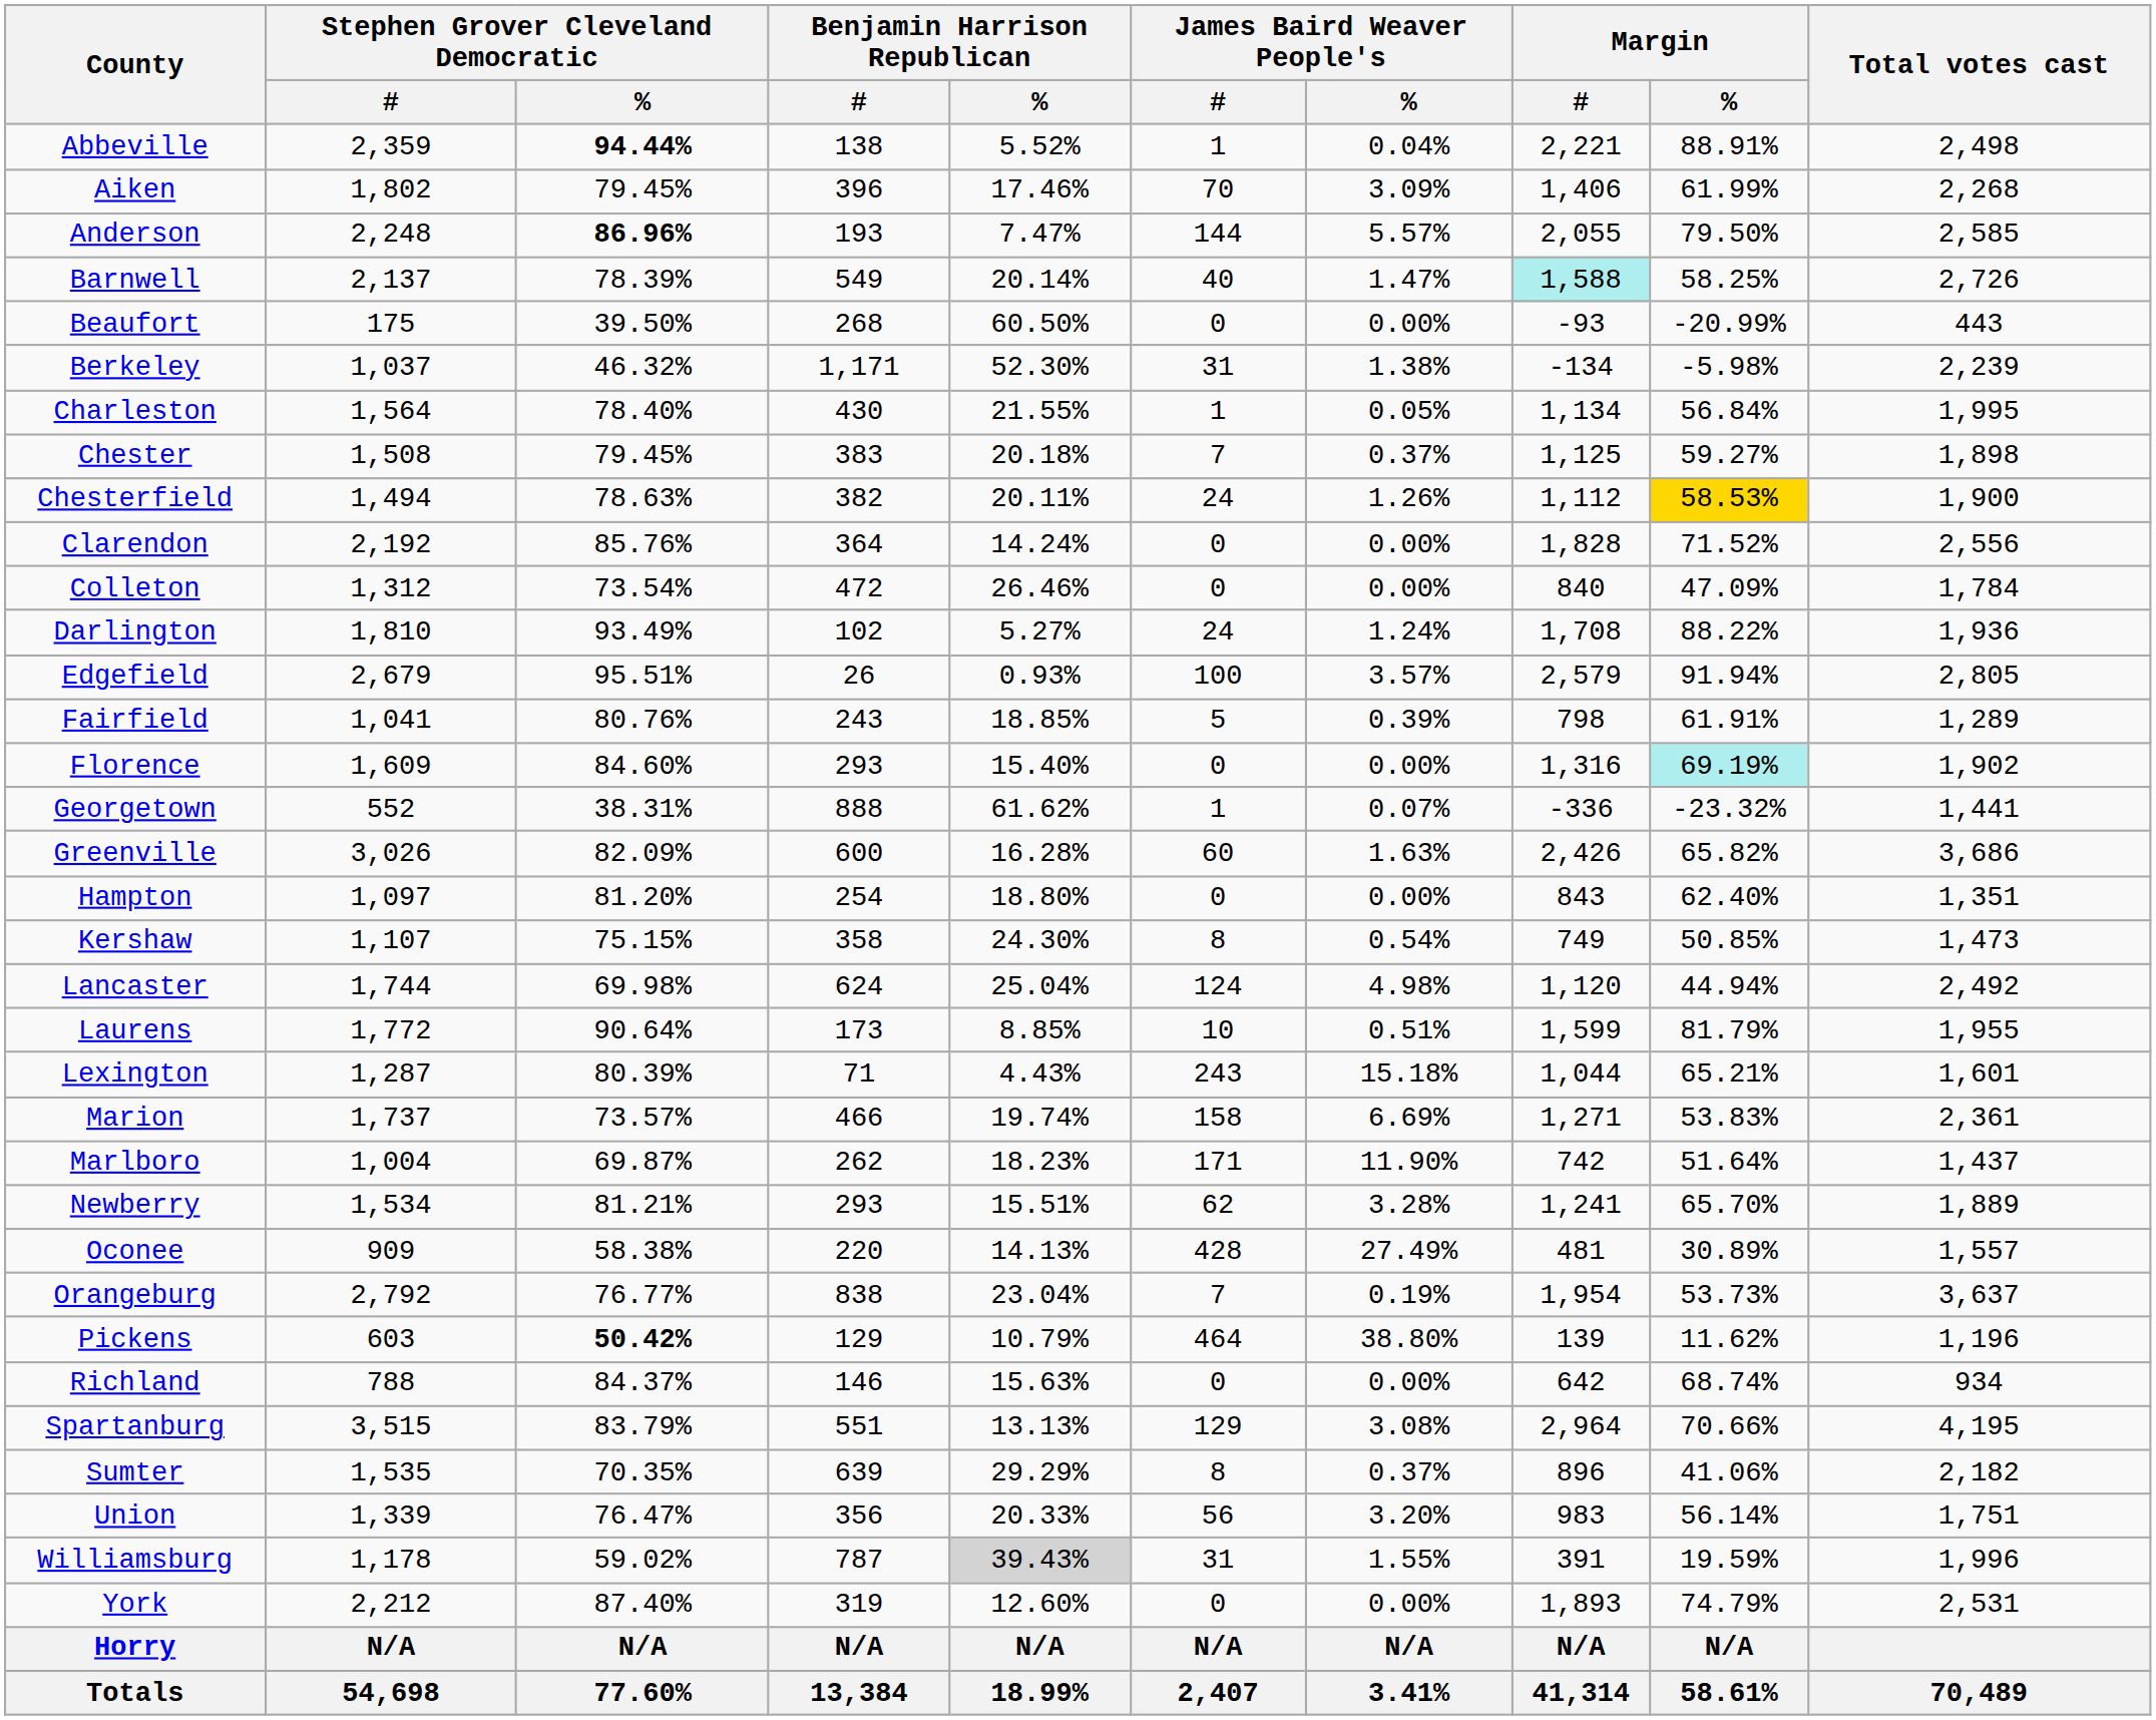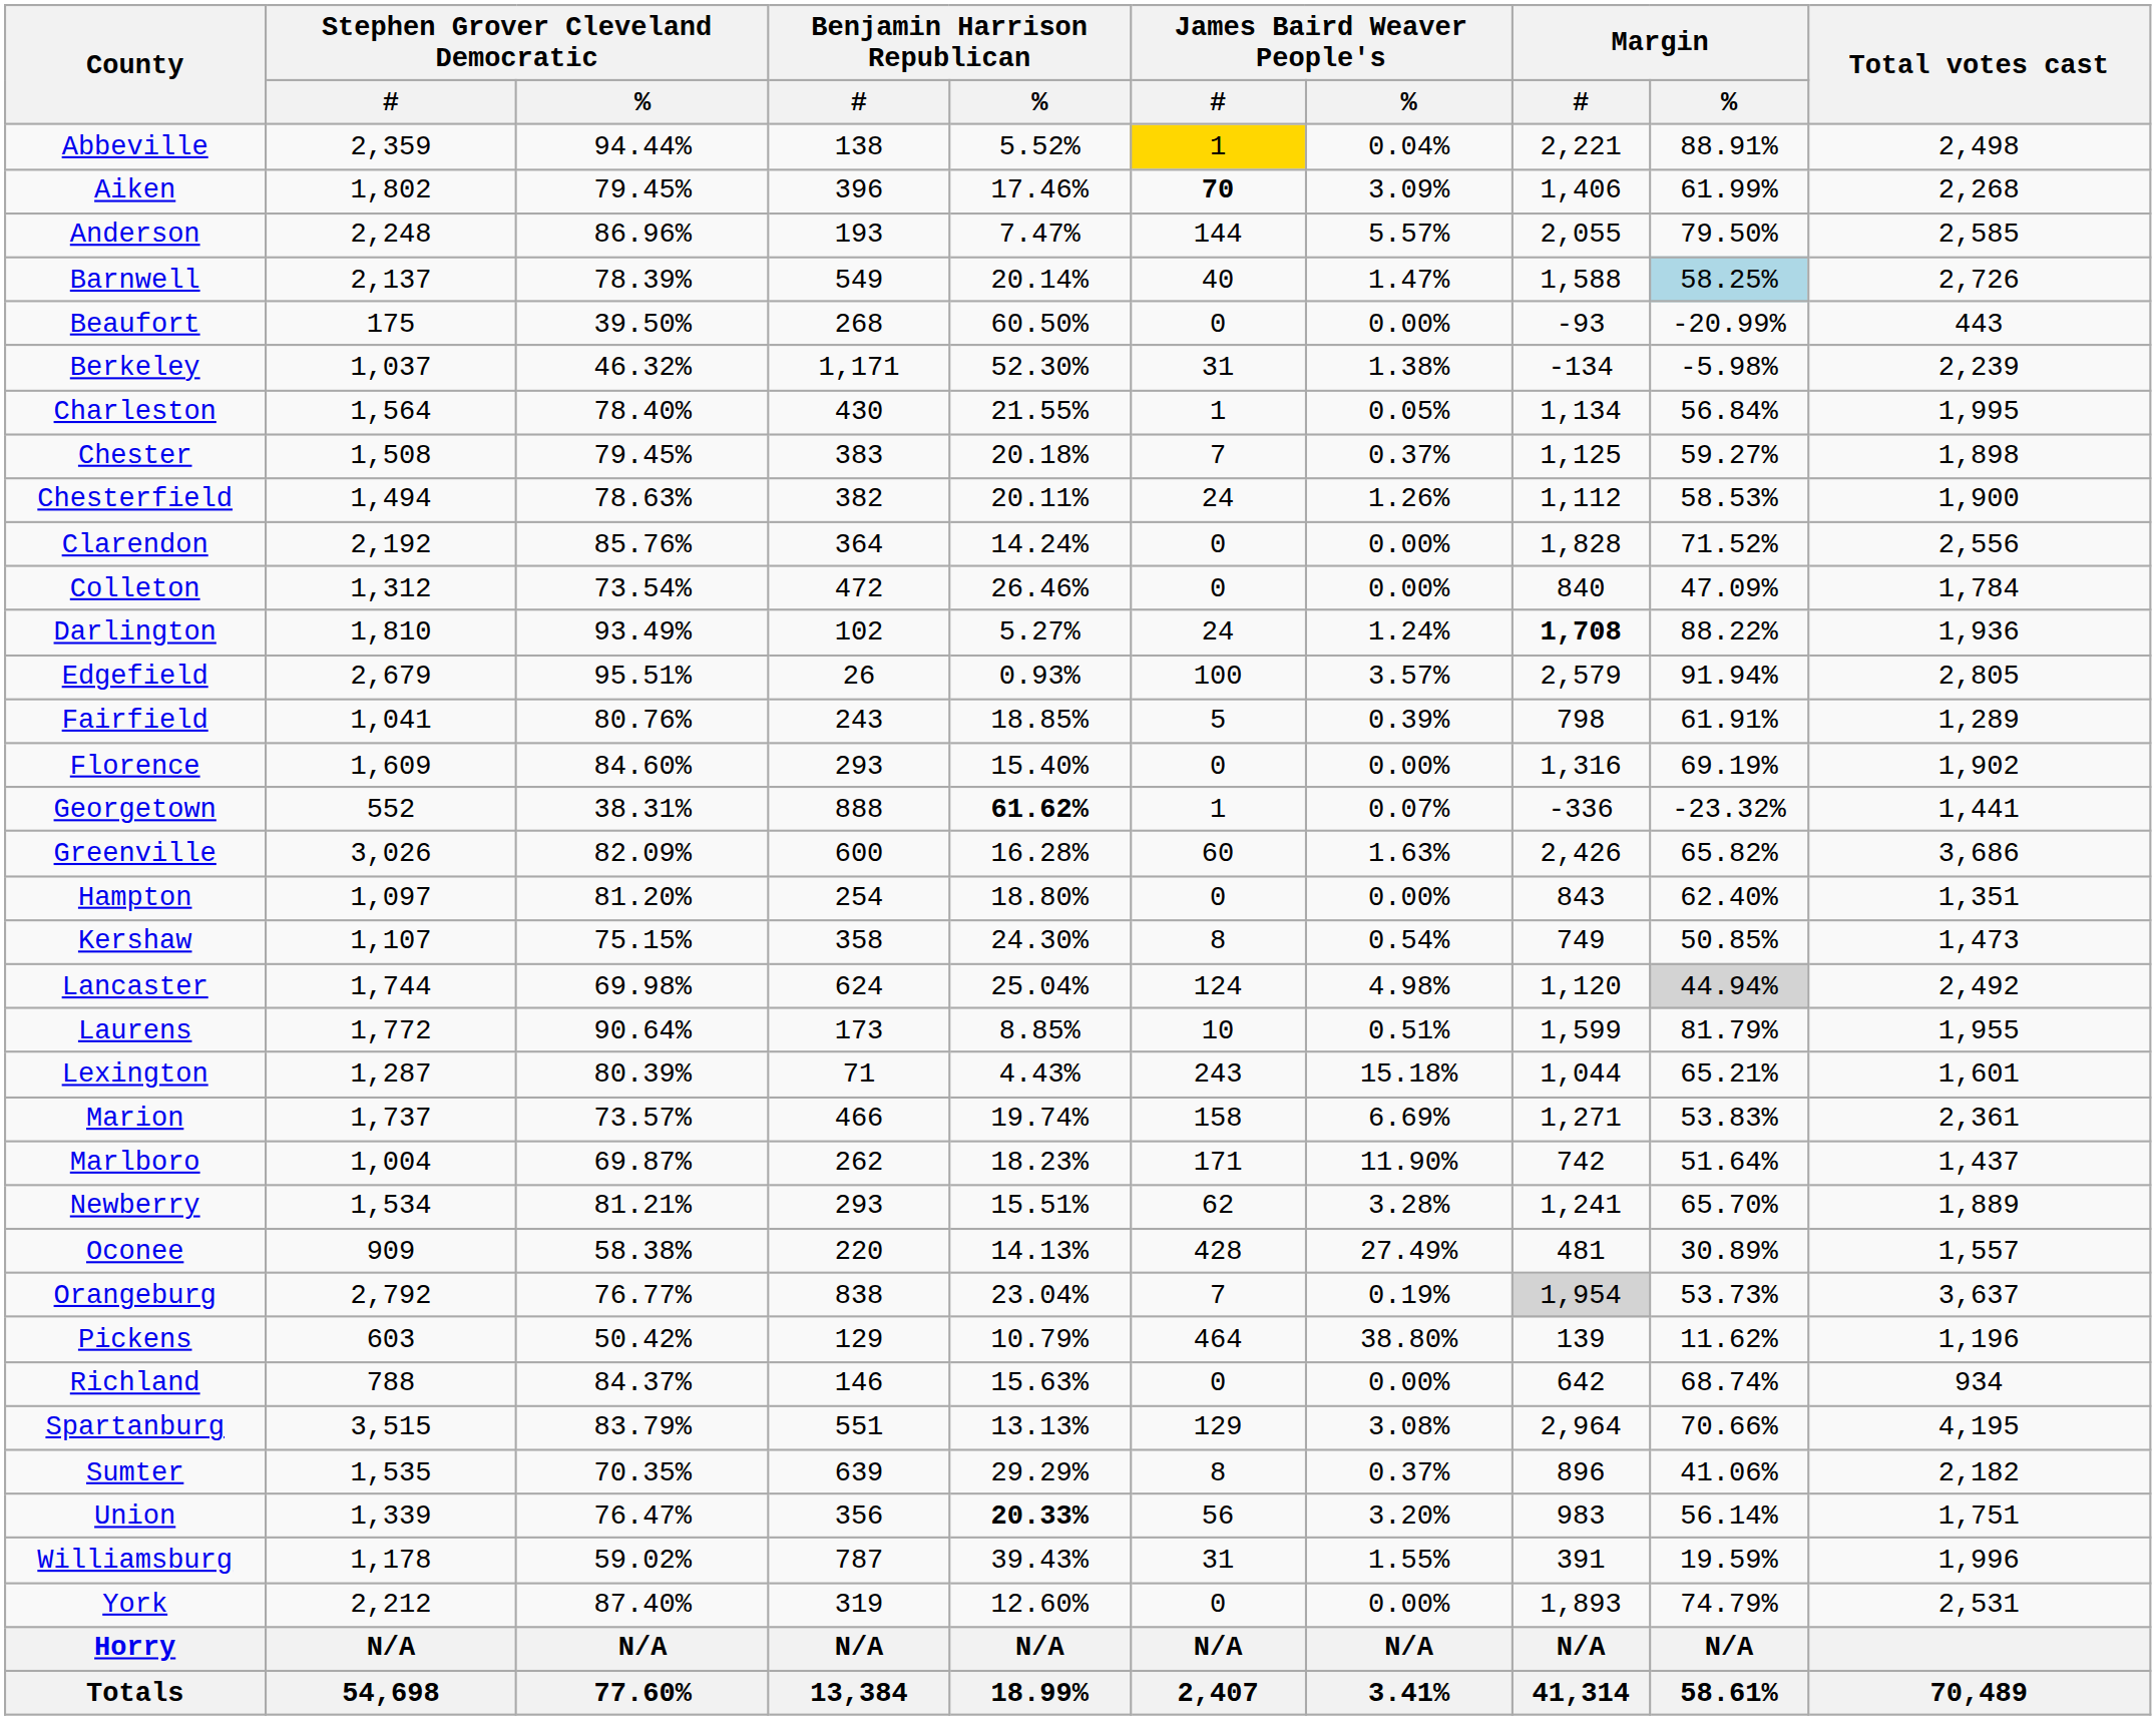 <table width="65%" class="wikitable sortable">
 <tr>
 <th rowspan="2">County</th>
 <th style="text-align:center;" colspan="2">Stephen Grover Cleveland<br>Democratic</th>
 <th style="text-align:center;" colspan="2">Benjamin Harrison<br>Republican</th>
 <th style="text-align:center;" colspan="2">James Baird Weaver<br>People's</th>
 <th style="text-align:center;" colspan="2">Margin</th>
 <th style="text-align:center;" rowspan="2">Total votes cast</th>
 </tr>
 <tr>
 <th style="text-align:center;" data-sort-type="number">#</th>
 <th style="text-align:center;" data-sort-type="number">%</th>
 <th style="text-align:center;" data-sort-type="number">#</th>
 <th style="text-align:center;" data-sort-type="number">%</th>
 <th style="text-align:center;" data-sort-type="number">#</th>
 <th style="text-align:center;" data-sort-type="number">%</th>
 <th style="text-align:center;" data-sort-type="number">#</th>
 <th style="text-align:center;" data-sort-type="number">%</th>
 </tr>
 <tr style="text-align:center;">
 <td><a href='#'>Abbeville</a></td>
 <td>2,359</td>
-<td><strong>94.44%</strong></td>
+<td>94.44%</td>
 <td>138</td>
 <td>5.52%</td>
-<td>1</td>
+<td style="background: gold;">1</td>
 <td>0.04%</td>
 <td>2,221</td>
 <td>88.91%</td>
 <td>2,498</td>
 </tr>
 <tr style="text-align:center;">
 <td><a href='#'>Aiken</a></td>
 <td>1,802</td>
 <td>79.45%</td>
 <td>396</td>
 <td>17.46%</td>
-<td>70</td>
+<td><strong>70</strong></td>
 <td>3.09%</td>
 <td>1,406</td>
 <td>61.99%</td>
 <td>2,268</td>
 </tr>
 <tr style="text-align:center;">
 <td><a href='#'>Anderson</a></td>
 <td>2,248</td>
-<td><strong>86.96%</strong></td>
+<td>86.96%</td>
 <td>193</td>
 <td>7.47%</td>
 <td>144</td>
 <td>5.57%</td>
 <td>2,055</td>
 <td>79.50%</td>
 <td>2,585</td>
 </tr>
 <tr style="text-align:center;">
 <td><a href='#'>Barnwell</a></td>
 <td>2,137</td>
 <td>78.39%</td>
 <td>549</td>
 <td>20.14%</td>
 <td>40</td>
 <td>1.47%</td>
-<td style="background: paleturquoise;">1,588</td>
-<td>58.25%</td>
+<td>1,588</td>
+<td style="background: lightblue;">58.25%</td>
 <td>2,726</td>
 </tr>
 <tr style="text-align:center;">
 <td><a href='#'>Beaufort</a></td>
 <td>175</td>
 <td>39.50%</td>
 <td>268</td>
 <td>60.50%</td>
 <td>0</td>
 <td>0.00%</td>
 <td>-93</td>
 <td>-20.99%</td>
 <td>443</td>
 </tr>
 <tr style="text-align:center;">
 <td><a href='#'>Berkeley</a></td>
 <td>1,037</td>
 <td>46.32%</td>
 <td>1,171</td>
 <td>52.30%</td>
 <td>31</td>
 <td>1.38%</td>
 <td>-134</td>
 <td>-5.98%</td>
 <td>2,239</td>
 </tr>
 <tr style="text-align:center;">
 <td><a href='#'>Charleston</a></td>
 <td>1,564</td>
 <td>78.40%</td>
 <td>430</td>
 <td>21.55%</td>
 <td>1</td>
 <td>0.05%</td>
 <td>1,134</td>
 <td>56.84%</td>
 <td>1,995</td>
 </tr>
 <tr style="text-align:center;">
 <td><a href='#'>Chester</a></td>
 <td>1,508</td>
 <td>79.45%</td>
 <td>383</td>
 <td>20.18%</td>
 <td>7</td>
 <td>0.37%</td>
 <td>1,125</td>
 <td>59.27%</td>
 <td>1,898</td>
 </tr>
 <tr style="text-align:center;">
 <td><a href='#'>Chesterfield</a></td>
 <td>1,494</td>
 <td>78.63%</td>
 <td>382</td>
 <td>20.11%</td>
 <td>24</td>
 <td>1.26%</td>
 <td>1,112</td>
-<td style="background: gold;">58.53%</td>
+<td>58.53%</td>
 <td>1,900</td>
 </tr>
 <tr style="text-align:center;">
 <td><a href='#'>Clarendon</a></td>
 <td>2,192</td>
 <td>85.76%</td>
 <td>364</td>
 <td>14.24%</td>
 <td>0</td>
 <td>0.00%</td>
 <td>1,828</td>
 <td>71.52%</td>
 <td>2,556</td>
 </tr>
 <tr style="text-align:center;">
 <td><a href='#'>Colleton</a></td>
 <td>1,312</td>
 <td>73.54%</td>
 <td>472</td>
 <td>26.46%</td>
 <td>0</td>
 <td>0.00%</td>
 <td>840</td>
 <td>47.09%</td>
 <td>1,784</td>
 </tr>
 <tr style="text-align:center;">
 <td><a href='#'>Darlington</a></td>
 <td>1,810</td>
 <td>93.49%</td>
 <td>102</td>
 <td>5.27%</td>
 <td>24</td>
 <td>1.24%</td>
-<td>1,708</td>
+<td><strong>1,708</strong></td>
 <td>88.22%</td>
 <td>1,936</td>
 </tr>
 <tr style="text-align:center;">
 <td><a href='#'>Edgefield</a></td>
 <td>2,679</td>
 <td>95.51%</td>
 <td>26</td>
 <td>0.93%</td>
 <td>100</td>
 <td>3.57%</td>
 <td>2,579</td>
 <td>91.94%</td>
 <td>2,805</td>
 </tr>
 <tr style="text-align:center;">
 <td><a href='#'>Fairfield</a></td>
 <td>1,041</td>
 <td>80.76%</td>
 <td>243</td>
 <td>18.85%</td>
 <td>5</td>
 <td>0.39%</td>
 <td>798</td>
 <td>61.91%</td>
 <td>1,289</td>
 </tr>
 <tr style="text-align:center;">
 <td><a href='#'>Florence</a></td>
 <td>1,609</td>
 <td>84.60%</td>
 <td>293</td>
 <td>15.40%</td>
 <td>0</td>
 <td>0.00%</td>
 <td>1,316</td>
-<td style="background: paleturquoise;">69.19%</td>
+<td>69.19%</td>
 <td>1,902</td>
 </tr>
 <tr style="text-align:center;">
 <td><a href='#'>Georgetown</a></td>
 <td>552</td>
 <td>38.31%</td>
 <td>888</td>
-<td>61.62%</td>
+<td><strong>61.62%</strong></td>
 <td>1</td>
 <td>0.07%</td>
 <td>-336</td>
 <td>-23.32%</td>
 <td>1,441</td>
 </tr>
 <tr style="text-align:center;">
 <td><a href='#'>Greenville</a></td>
 <td>3,026</td>
 <td>82.09%</td>
 <td>600</td>
 <td>16.28%</td>
 <td>60</td>
 <td>1.63%</td>
 <td>2,426</td>
 <td>65.82%</td>
 <td>3,686</td>
 </tr>
 <tr style="text-align:center;">
 <td><a href='#'>Hampton</a></td>
 <td>1,097</td>
 <td>81.20%</td>
 <td>254</td>
 <td>18.80%</td>
 <td>0</td>
 <td>0.00%</td>
 <td>843</td>
 <td>62.40%</td>
 <td>1,351</td>
 </tr>
 <tr style="text-align:center;">
 <td><a href='#'>Kershaw</a></td>
 <td>1,107</td>
 <td>75.15%</td>
 <td>358</td>
 <td>24.30%</td>
 <td>8</td>
 <td>0.54%</td>
 <td>749</td>
 <td>50.85%</td>
 <td>1,473</td>
 </tr>
 <tr style="text-align:center;">
 <td><a href='#'>Lancaster</a></td>
 <td>1,744</td>
 <td>69.98%</td>
 <td>624</td>
 <td>25.04%</td>
 <td>124</td>
 <td>4.98%</td>
 <td>1,120</td>
-<td>44.94%</td>
+<td style="background: lightgrey;">44.94%</td>
 <td>2,492</td>
 </tr>
 <tr style="text-align:center;">
 <td><a href='#'>Laurens</a></td>
 <td>1,772</td>
 <td>90.64%</td>
 <td>173</td>
 <td>8.85%</td>
 <td>10</td>
 <td>0.51%</td>
 <td>1,599</td>
 <td>81.79%</td>
 <td>1,955</td>
 </tr>
 <tr style="text-align:center;">
 <td><a href='#'>Lexington</a></td>
 <td>1,287</td>
 <td>80.39%</td>
 <td>71</td>
 <td>4.43%</td>
 <td>243</td>
 <td>15.18%</td>
 <td>1,044</td>
 <td>65.21%</td>
 <td>1,601</td>
 </tr>
 <tr style="text-align:center;">
 <td><a href='#'>Marion</a></td>
 <td>1,737</td>
 <td>73.57%</td>
 <td>466</td>
 <td>19.74%</td>
 <td>158</td>
 <td>6.69%</td>
 <td>1,271</td>
 <td>53.83%</td>
 <td>2,361</td>
 </tr>
 <tr style="text-align:center;">
 <td><a href='#'>Marlboro</a></td>
 <td>1,004</td>
 <td>69.87%</td>
 <td>262</td>
 <td>18.23%</td>
 <td>171</td>
 <td>11.90%</td>
 <td>742</td>
 <td>51.64%</td>
 <td>1,437</td>
 </tr>
 <tr style="text-align:center;">
 <td><a href='#'>Newberry</a></td>
 <td>1,534</td>
 <td>81.21%</td>
 <td>293</td>
 <td>15.51%</td>
 <td>62</td>
 <td>3.28%</td>
 <td>1,241</td>
 <td>65.70%</td>
 <td>1,889</td>
 </tr>
 <tr style="text-align:center;">
 <td><a href='#'>Oconee</a></td>
 <td>909</td>
 <td>58.38%</td>
 <td>220</td>
 <td>14.13%</td>
 <td>428</td>
 <td>27.49%</td>
 <td>481</td>
 <td>30.89%</td>
 <td>1,557</td>
 </tr>
 <tr style="text-align:center;">
 <td><a href='#'>Orangeburg</a></td>
 <td>2,792</td>
 <td>76.77%</td>
 <td>838</td>
 <td>23.04%</td>
 <td>7</td>
 <td>0.19%</td>
-<td>1,954</td>
+<td style="background: lightgrey;">1,954</td>
 <td>53.73%</td>
 <td>3,637</td>
 </tr>
 <tr style="text-align:center;">
 <td><a href='#'>Pickens</a></td>
 <td>603</td>
-<td><strong>50.42%</strong></td>
+<td>50.42%</td>
 <td>129</td>
 <td>10.79%</td>
 <td>464</td>
 <td>38.80%</td>
 <td>139</td>
 <td>11.62%</td>
 <td>1,196</td>
 </tr>
 <tr style="text-align:center;">
 <td><a href='#'>Richland</a></td>
 <td>788</td>
 <td>84.37%</td>
 <td>146</td>
 <td>15.63%</td>
 <td>0</td>
 <td>0.00%</td>
 <td>642</td>
 <td>68.74%</td>
 <td>934</td>
 </tr>
 <tr style="text-align:center;">
 <td><a href='#'>Spartanburg</a></td>
 <td>3,515</td>
 <td>83.79%</td>
 <td>551</td>
 <td>13.13%</td>
 <td>129</td>
 <td>3.08%</td>
 <td>2,964</td>
 <td>70.66%</td>
 <td>4,195</td>
 </tr>
 <tr style="text-align:center;">
 <td><a href='#'>Sumter</a></td>
 <td>1,535</td>
 <td>70.35%</td>
 <td>639</td>
 <td>29.29%</td>
 <td>8</td>
 <td>0.37%</td>
 <td>896</td>
 <td>41.06%</td>
 <td>2,182</td>
 </tr>
 <tr style="text-align:center;">
 <td><a href='#'>Union</a></td>
 <td>1,339</td>
 <td>76.47%</td>
 <td>356</td>
-<td>20.33%</td>
+<td><strong>20.33%</strong></td>
 <td>56</td>
 <td>3.20%</td>
 <td>983</td>
 <td>56.14%</td>
 <td>1,751</td>
 </tr>
 <tr style="text-align:center;">
 <td><a href='#'>Williamsburg</a></td>
 <td>1,178</td>
 <td>59.02%</td>
 <td>787</td>
-<td style="background: lightgrey;">39.43%</td>
+<td>39.43%</td>
 <td>31</td>
 <td>1.55%</td>
 <td>391</td>
 <td>19.59%</td>
 <td>1,996</td>
 </tr>
 <tr style="text-align:center;">
 <td><a href='#'>York</a></td>
 <td>2,212</td>
 <td>87.40%</td>
 <td>319</td>
 <td>12.60%</td>
 <td>0</td>
 <td>0.00%</td>
 <td>1,893</td>
 <td>74.79%</td>
 <td>2,531</td>
 </tr>
 <tr style="text-align:center;">
 <th><a href='#'>Horry</a></th>
 <th>N/A</th>
 <th>N/A</th>
 <th>N/A</th>
 <th>N/A</th>
 <th>N/A</th>
 <th>N/A</th>
 <th>N/A</th>
 <th>N/A</th>
 <th></th>
 </tr>
 <tr style="text-align:center;">
 <th>Totals</th>
 <th>54,698</th>
 <th>77.60%</th>
 <th>13,384</th>
 <th>18.99%</th>
 <th>2,407</th>
 <th>3.41%</th>
 <th>41,314</th>
 <th>58.61%</th>
 <th>70,489</th>
 </tr>
 </table>
